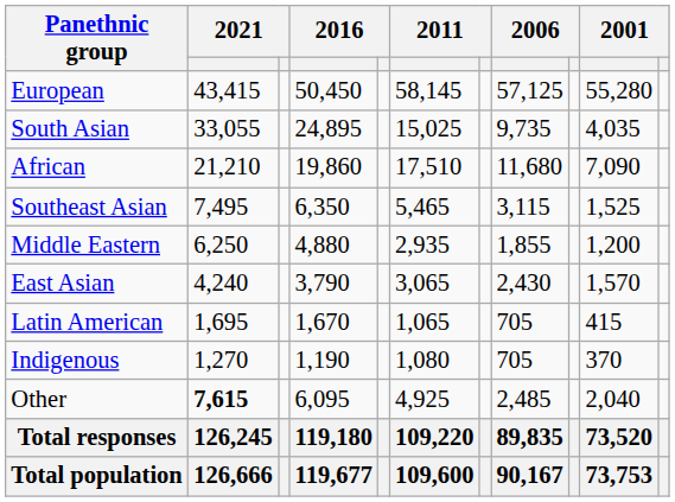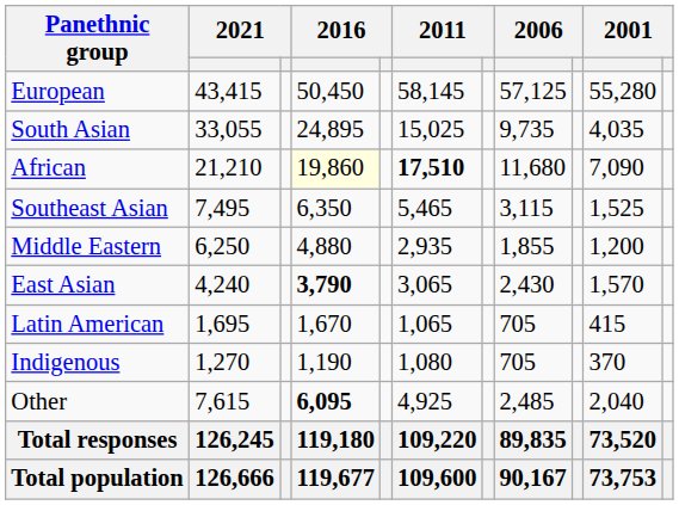 <table class="wikitable collapsible sortable">
 <tr>
 <th rowspan="2"><a href='#'>Panethnic</a><br>group</th>
 <th colspan="2">2021</th>
 <th colspan="2">2016</th>
 <th colspan="2">2011</th>
 <th colspan="2">2006</th>
 <th colspan="2">2001</th>
 </tr>
 <tr>
 <th><a href='#'></a></th>
 <th></th>
 <th></th>
 <th></th>
 <th></th>
 <th></th>
 <th></th>
 <th></th>
 <th></th>
 <th></th>
 </tr>
 <tr>
 <td><a href='#'>European</a></td>
 <td>43,415</td>
 <td></td>
 <td>50,450</td>
 <td></td>
 <td>58,145</td>
 <td></td>
 <td>57,125</td>
 <td></td>
 <td>55,280</td>
 <td></td>
 </tr>
 <tr>
 <td><a href='#'>South Asian</a></td>
 <td>33,055</td>
 <td></td>
 <td>24,895</td>
 <td></td>
 <td>15,025</td>
 <td></td>
 <td>9,735</td>
 <td></td>
 <td>4,035</td>
 <td></td>
 </tr>
 <tr>
 <td><a href='#'>African</a></td>
 <td>21,210</td>
 <td></td>
-<td>19,860</td>
+<td style="background: lightyellow;">19,860</td>
 <td></td>
-<td>17,510</td>
+<td><strong>17,510</strong></td>
 <td></td>
 <td>11,680</td>
 <td></td>
 <td>7,090</td>
 <td></td>
 </tr>
 <tr>
 <td><a href='#'>Southeast Asian</a></td>
 <td>7,495</td>
 <td></td>
 <td>6,350</td>
 <td></td>
 <td>5,465</td>
 <td></td>
 <td>3,115</td>
 <td></td>
 <td>1,525</td>
 <td></td>
 </tr>
 <tr>
 <td><a href='#'>Middle Eastern</a></td>
 <td>6,250</td>
 <td></td>
 <td>4,880</td>
 <td></td>
 <td>2,935</td>
 <td></td>
 <td>1,855</td>
 <td></td>
 <td>1,200</td>
 <td></td>
 </tr>
 <tr>
 <td><a href='#'>East Asian</a></td>
 <td>4,240</td>
 <td></td>
-<td>3,790</td>
+<td><strong>3,790</strong></td>
 <td></td>
 <td>3,065</td>
 <td></td>
 <td>2,430</td>
 <td></td>
 <td>1,570</td>
 <td></td>
 </tr>
 <tr>
 <td><a href='#'>Latin American</a></td>
 <td>1,695</td>
 <td></td>
 <td>1,670</td>
 <td></td>
 <td>1,065</td>
 <td></td>
 <td>705</td>
 <td></td>
 <td>415</td>
 <td></td>
 </tr>
 <tr>
 <td><a href='#'>Indigenous</a></td>
 <td>1,270</td>
 <td></td>
 <td>1,190</td>
 <td></td>
 <td>1,080</td>
 <td></td>
 <td>705</td>
 <td></td>
 <td>370</td>
 <td></td>
 </tr>
 <tr>
 <td>Other</td>
-<td><strong>7,615</strong></td>
+<td>7,615</td>
 <td></td>
-<td>6,095</td>
+<td><strong>6,095</strong></td>
 <td></td>
 <td>4,925</td>
 <td></td>
 <td>2,485</td>
 <td></td>
 <td>2,040</td>
 <td></td>
 </tr>
 <tr>
 <th>Total responses</th>
 <th>126,245</th>
 <th></th>
 <th>119,180</th>
 <th></th>
 <th>109,220</th>
 <th></th>
 <th>89,835</th>
 <th></th>
 <th>73,520</th>
 <th></th>
 </tr>
 <tr>
 <th>Total population</th>
 <th>126,666</th>
 <th></th>
 <th>119,677</th>
 <th></th>
 <th>109,600</th>
 <th></th>
 <th>90,167</th>
 <th></th>
 <th>73,753</th>
 <th></th>
 </tr>
 </table>
